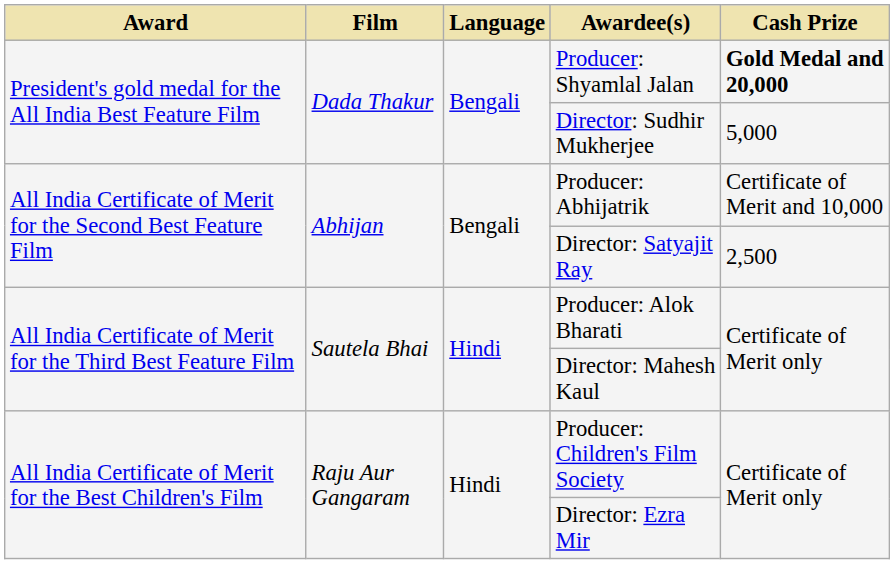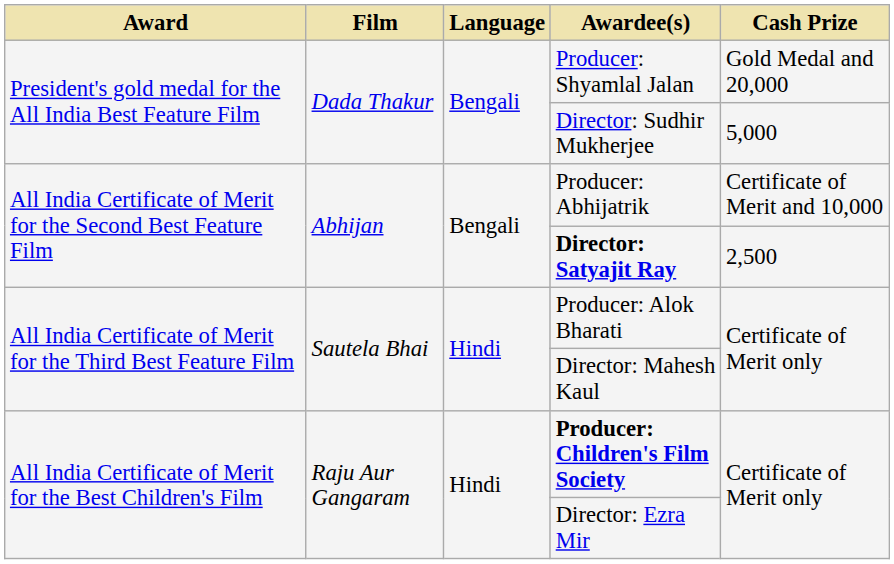 <table class="wikitable sortable" style="width:100%">
 <tr>
 <th style="background-color:#EFE4B0;width:37%;">Award</th>
 <th style="background-color:#EFE4B0;width:16%;">Film</th>
 <th style="background-color:#EFE4B0;width:7%;">Language</th>
 <th style="background-color:#EFE4B0;width:20%;">Awardee(s)</th>
 <th style="background-color:#EFE4B0;width:20%;">Cash Prize</th>
 </tr>
 <tr style="background-color:#F4F4F4">
 <td rowspan="2"><a href='#'>President's gold medal for the All India Best Feature Film</a></td>
 <td rowspan="2"><em><a href='#'>Dada Thakur</a></em></td>
 <td rowspan="2"><a href='#'>Bengali</a></td>
 <td><a href='#'>Producer</a>: Shyamlal Jalan</td>
-<td><strong>Gold Medal and 20,000</strong></td>
+<td>Gold Medal and 20,000</td>
 </tr>
 <tr style="background-color:#F4F4F4">
 <td><a href='#'>Director</a>: Sudhir Mukherjee</td>
 <td>5,000</td>
 </tr>
 <tr style="background-color:#F4F4F4">
 <td rowspan="2"><a href='#'>All India Certificate of Merit for the Second Best Feature Film</a></td>
 <td rowspan="2"><em><a href='#'>Abhijan</a></em></td>
 <td rowspan="2">Bengali</td>
 <td>Producer: Abhijatrik</td>
 <td>Certificate of Merit and 10,000</td>
 </tr>
 <tr style="background-color:#F4F4F4">
-<td>Director: <a href='#'>Satyajit Ray</a></td>
+<td><strong>Director: <a href='#'>Satyajit Ray</a></strong></td>
 <td>2,500</td>
 </tr>
 <tr style="background-color:#F4F4F4">
 <td rowspan="2"><a href='#'>All India Certificate of Merit for the Third Best Feature Film</a></td>
 <td rowspan="2"><em>Sautela Bhai</em></td>
 <td rowspan="2"><a href='#'>Hindi</a></td>
 <td>Producer: Alok Bharati</td>
 <td rowspan="2">Certificate of Merit only</td>
 </tr>
 <tr style="background-color:#F4F4F4">
 <td>Director: Mahesh Kaul</td>
 </tr>
 <tr style="background-color:#F4F4F4">
 <td rowspan="2"><a href='#'>All India Certificate of Merit for the Best Children's Film</a></td>
 <td rowspan="2"><em>Raju Aur Gangaram</em></td>
 <td rowspan="2">Hindi</td>
-<td>Producer: <a href='#'>Children's Film Society</a></td>
+<td><strong>Producer: <a href='#'>Children's Film Society</a></strong></td>
 <td rowspan="2">Certificate of Merit only</td>
 </tr>
 <tr style="background-color:#F4F4F4">
 <td>Director: <a href='#'>Ezra Mir</a></td>
 </tr>
 </table>
